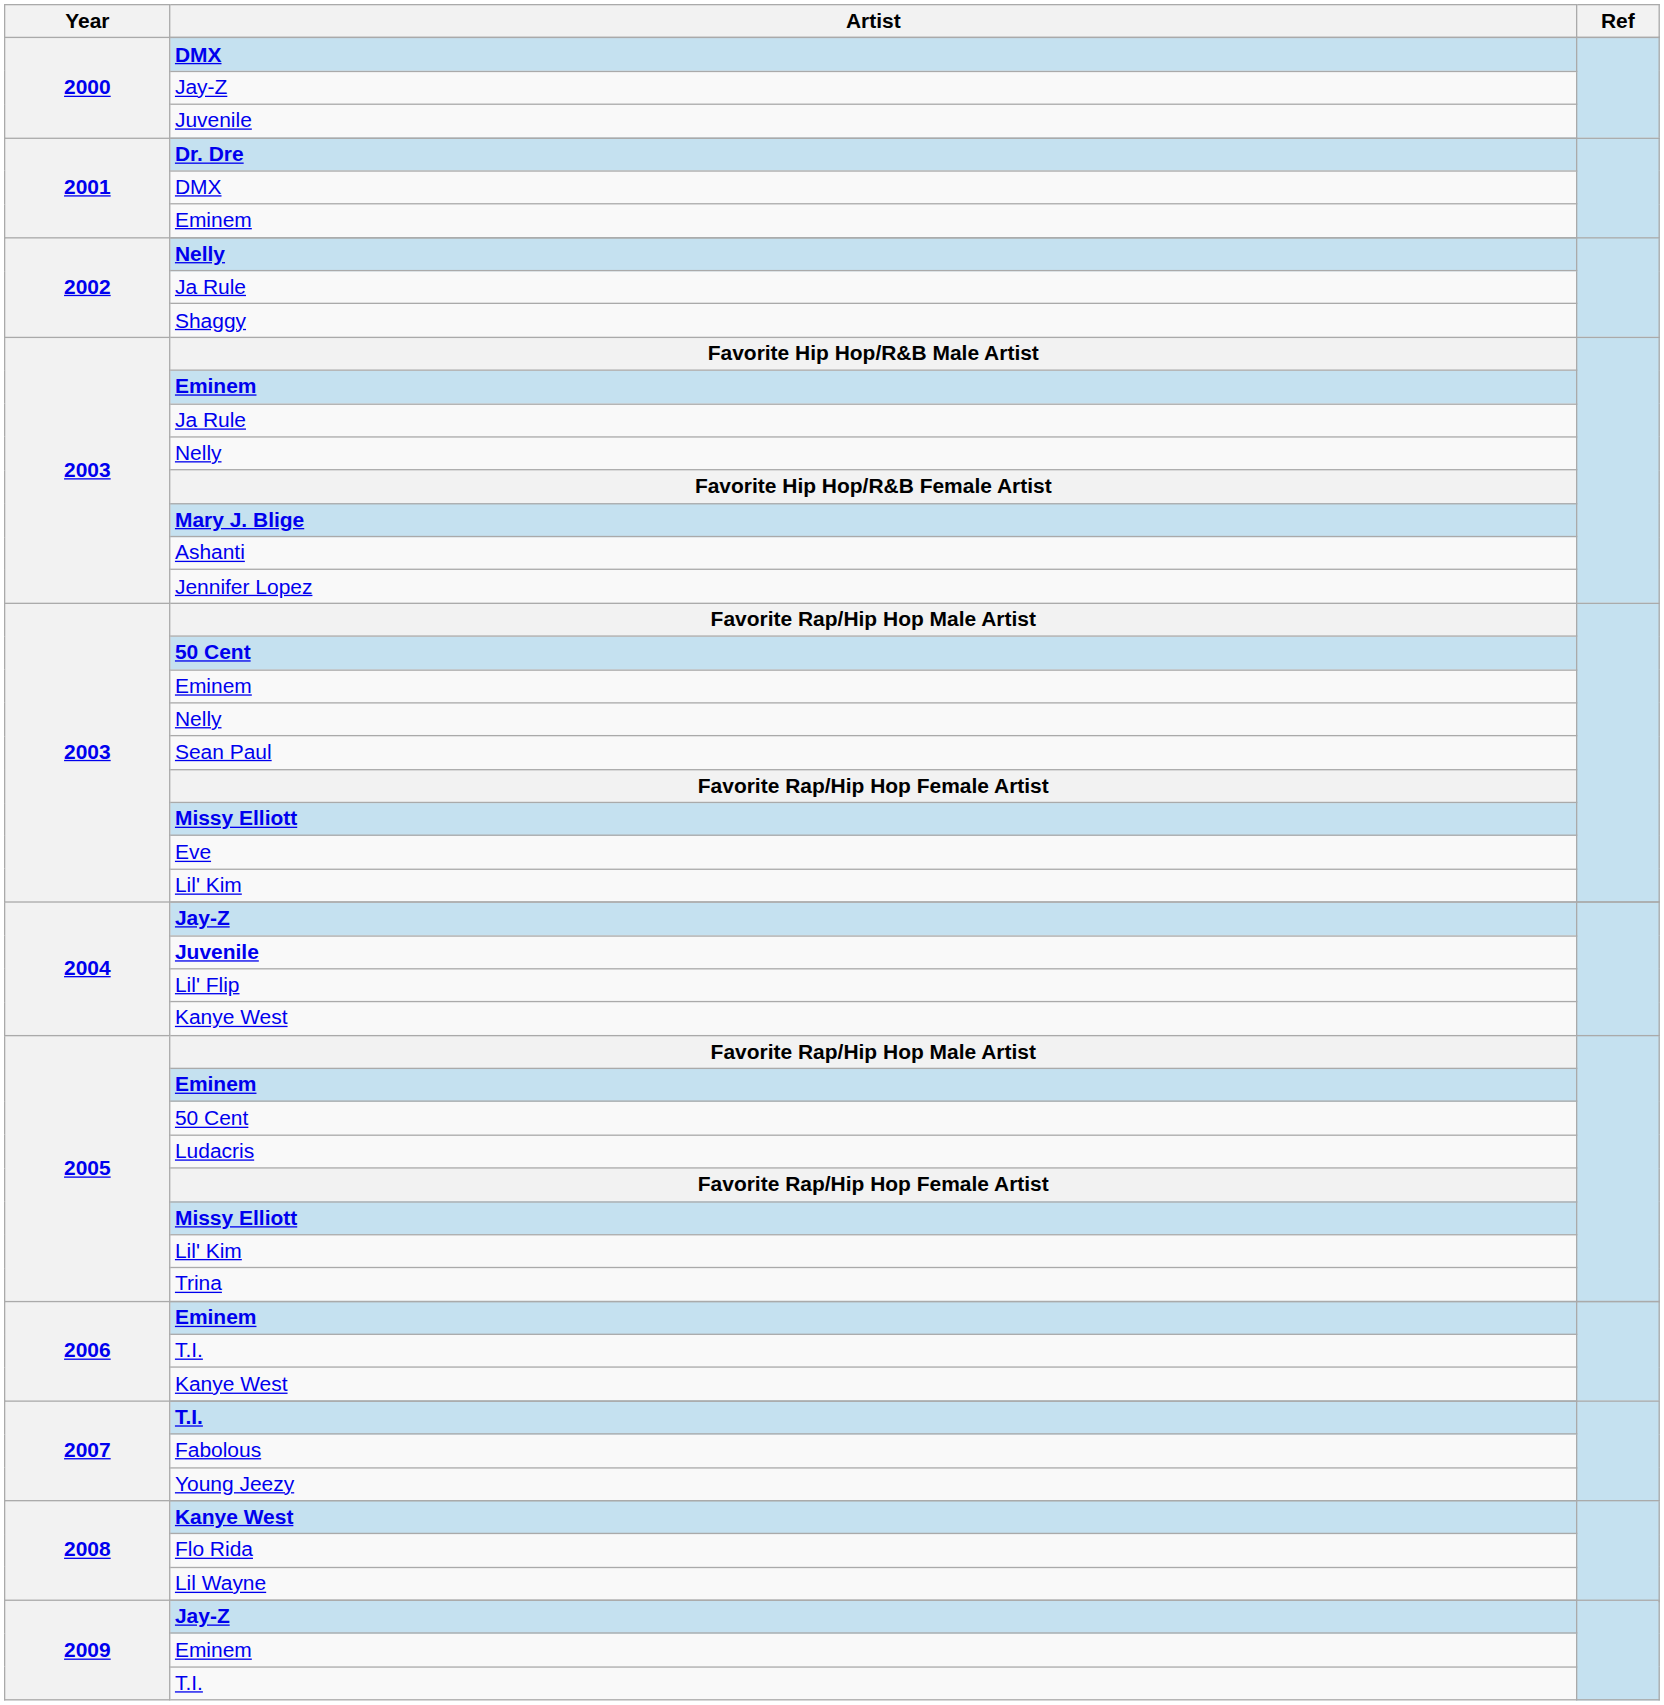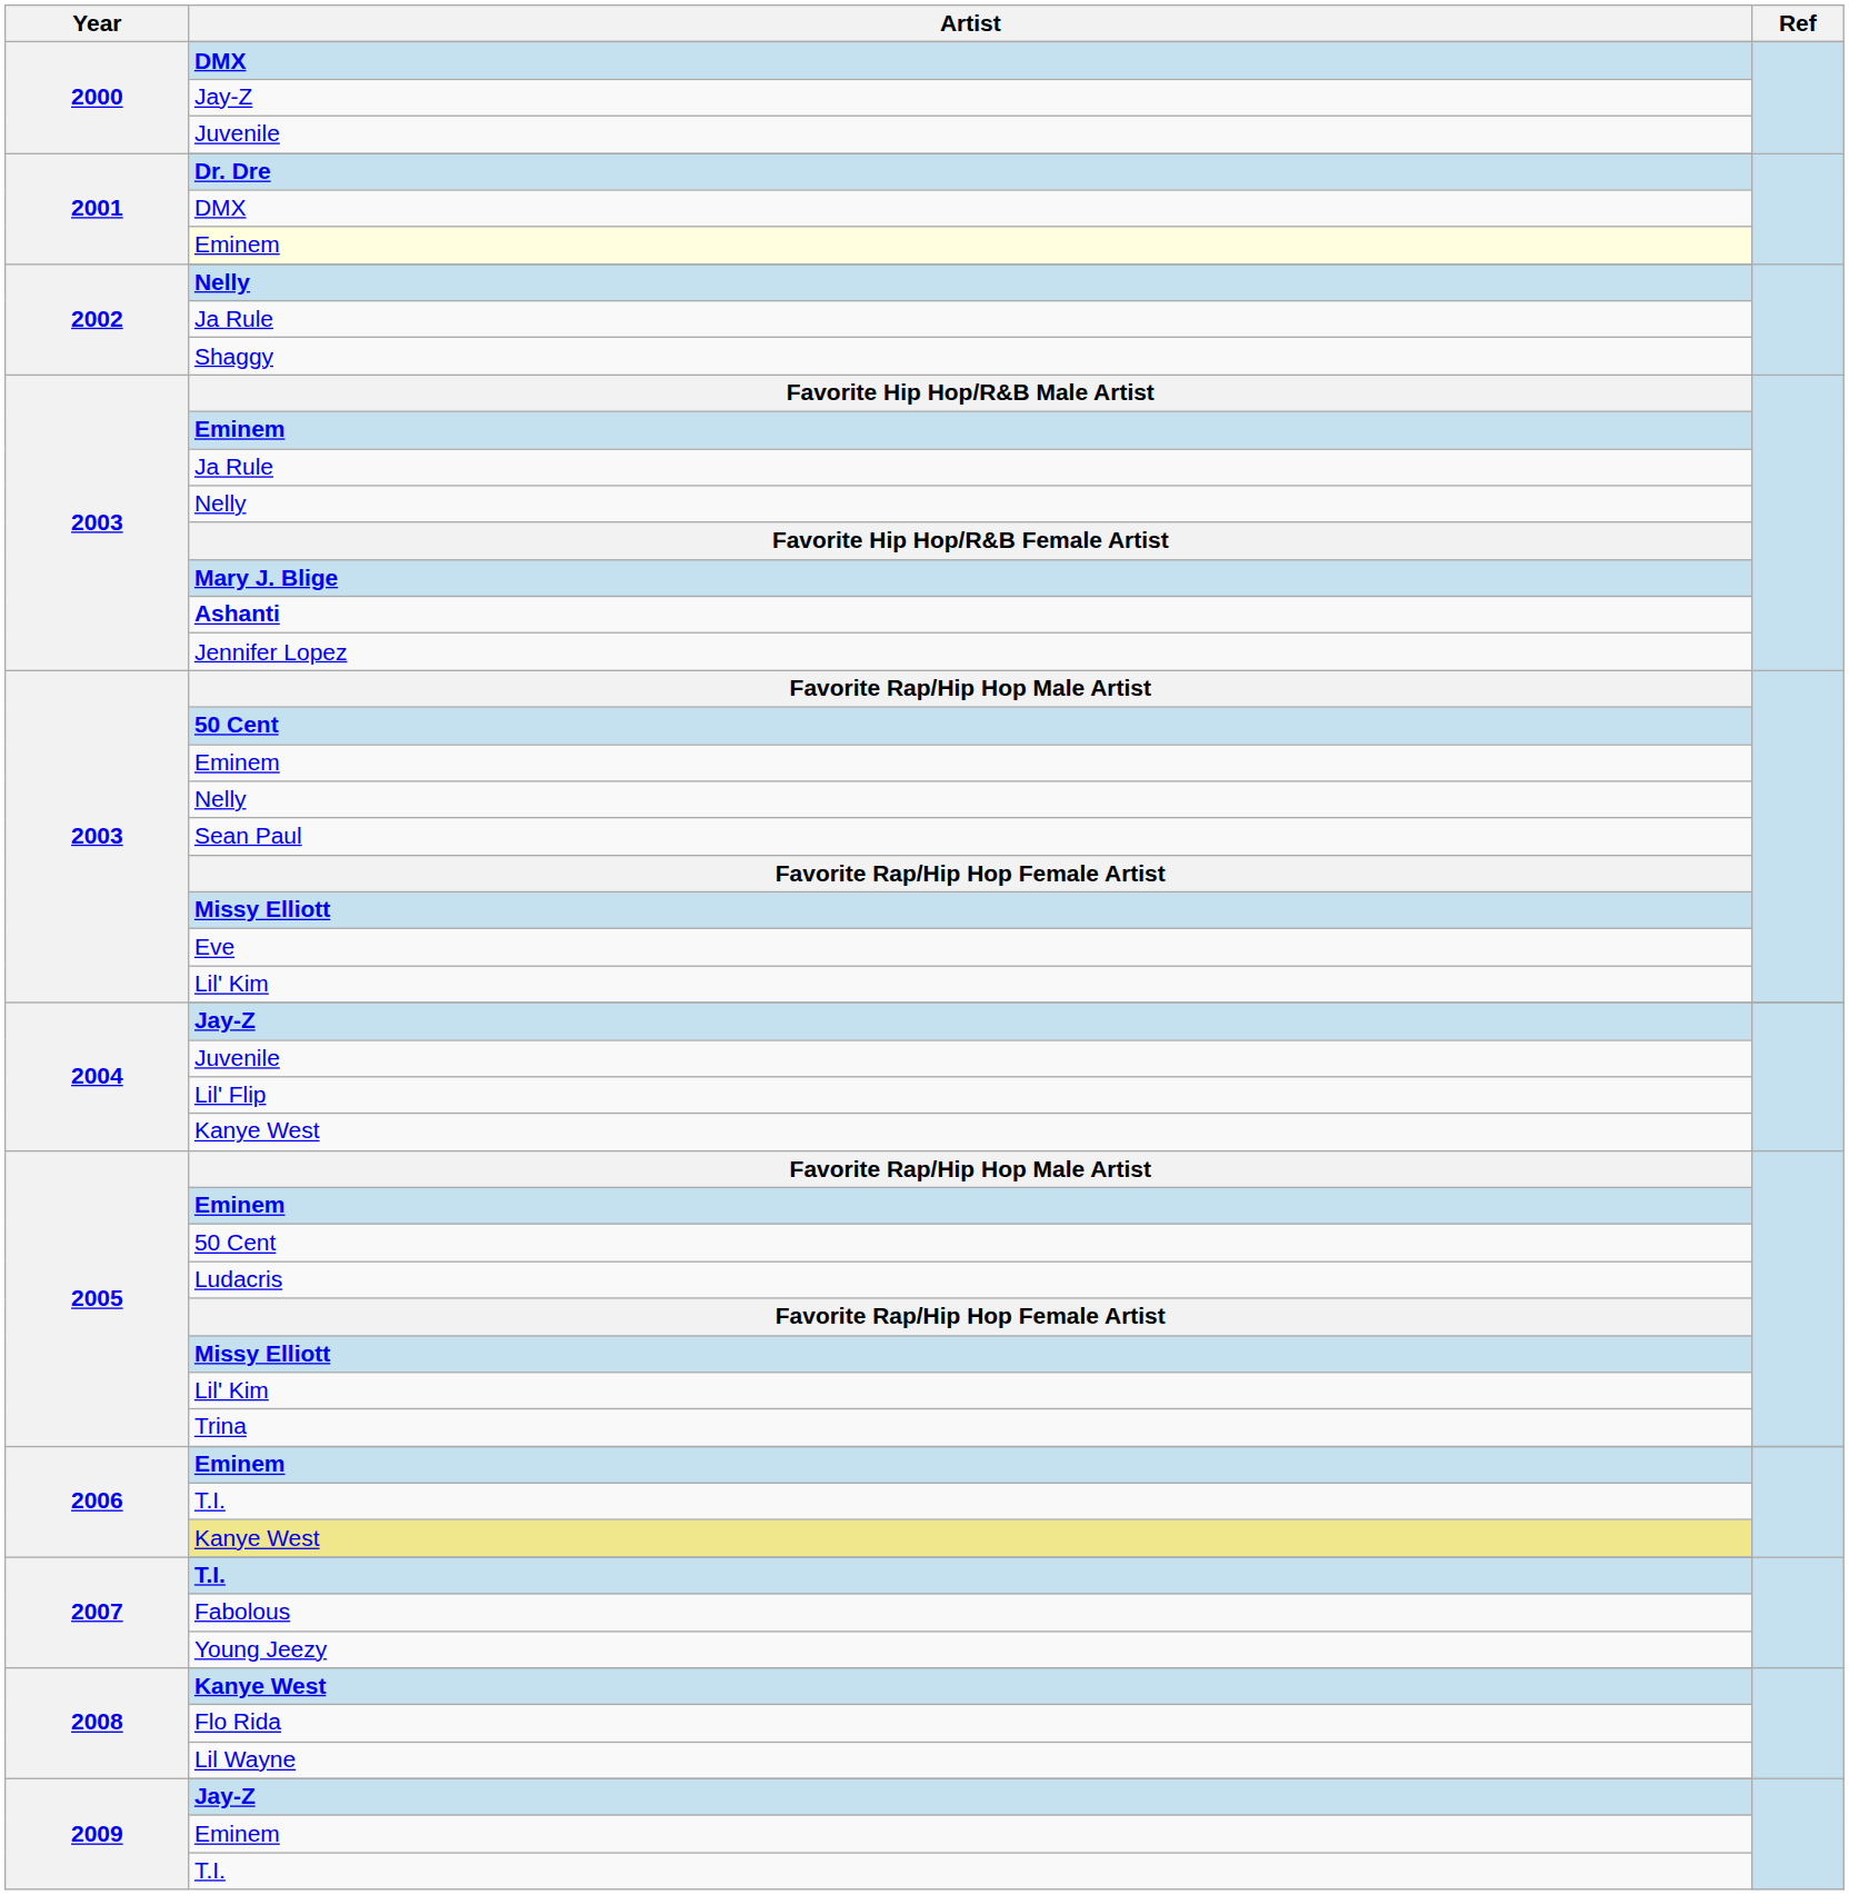 <table class="wikitable" width="100%">
 <tr>
 <th width="10%">Year</th>
 <th width="85%">Artist</th>
 <th width="5%">Ref</th>
 </tr>
 <tr>
 <th rowspan="4" align="center"><a href='#'>2000<br></a></th>
 </tr>
 <tr style="background:#c5e1f0">
 <td><strong><a href='#'>DMX</a></strong></td>
 <td rowspan="4" align="center"></td>
 </tr>
 <tr>
 <td><a href='#'>Jay-Z</a></td>
 </tr>
 <tr>
 <td><a href='#'>Juvenile</a></td>
 </tr>
 <tr>
 <th rowspan="4" align="center"><a href='#'>2001<br></a></th>
 </tr>
 <tr style="background:#c5e1f0">
 <td><strong><a href='#'>Dr. Dre</a></strong></td>
 <td rowspan="4" align="center"></td>
 </tr>
 <tr>
 <td><a href='#'>DMX</a></td>
 </tr>
 <tr>
-<td><a href='#'>Eminem</a></td>
+<td style="background: lightyellow;"><a href='#'>Eminem</a></td>
 </tr>
 <tr>
 <th rowspan="4" align="center"><a href='#'>2002<br></a></th>
 </tr>
 <tr style="background:#c5e1f0">
 <td><strong><a href='#'>Nelly</a></strong></td>
 <td rowspan="3" align="center"></td>
 </tr>
 <tr>
 <td><a href='#'>Ja Rule</a></td>
 </tr>
 <tr>
 <td><a href='#'>Shaggy</a></td>
 </tr>
 <tr>
 <th rowspan="8" align="center"><a href='#'>2003<br></a></th>
 <th>Favorite Hip Hop/R&B Male Artist</th>
 <td rowspan="8" style="background:#c5e1f0" align="center"></td>
 </tr>
 <tr style="background:#c5e1f0">
 <td><strong><a href='#'>Eminem</a></strong></td>
 </tr>
 <tr>
 <td><a href='#'>Ja Rule</a></td>
 </tr>
 <tr>
 <td><a href='#'>Nelly</a></td>
 </tr>
 <tr>
 <th>Favorite Hip Hop/R&B Female Artist</th>
 </tr>
 <tr style="background:#c5e1f0">
 <td><strong><a href='#'>Mary J. Blige</a></strong></td>
 </tr>
 <tr>
-<td><a href='#'>Ashanti</a></td>
+<td><strong><a href='#'>Ashanti</a></strong></td>
 </tr>
 <tr>
 <td><a href='#'>Jennifer Lopez</a></td>
 </tr>
 <tr>
 <th rowspan="9" align="center"><a href='#'>2003<br></a></th>
 <th>Favorite Rap/Hip Hop Male Artist</th>
 <td rowspan="9" style="background:#c5e1f0" align="center"></td>
 </tr>
 <tr style="background:#c5e1f0">
 <td><strong><a href='#'>50 Cent</a></strong></td>
 </tr>
 <tr>
 <td><a href='#'>Eminem</a></td>
 </tr>
 <tr>
 <td><a href='#'>Nelly</a></td>
 </tr>
 <tr>
 <td><a href='#'>Sean Paul</a></td>
 </tr>
 <tr>
 <th>Favorite Rap/Hip Hop Female Artist</th>
 </tr>
 <tr style="background:#c5e1f0">
 <td><strong><a href='#'>Missy Elliott</a></strong></td>
 </tr>
 <tr>
 <td><a href='#'>Eve</a></td>
 </tr>
 <tr>
 <td><a href='#'>Lil' Kim</a></td>
 </tr>
 <tr>
 <th rowspan="5" align="center"><a href='#'>2004<br></a></th>
 </tr>
 <tr style="background:#c5e1f0">
 <td><strong><a href='#'>Jay-Z</a></strong></td>
 <td rowspan="4" align="center"></td>
 </tr>
 <tr>
-<td><strong><a href='#'>Juvenile</a></strong></td>
+<td><a href='#'>Juvenile</a></td>
 </tr>
 <tr>
 <td><a href='#'>Lil' Flip</a></td>
 </tr>
 <tr>
 <td><a href='#'>Kanye West</a></td>
 </tr>
 <tr>
 <th rowspan="8" align="center"><a href='#'>2005<br></a></th>
 <th>Favorite Rap/Hip Hop Male Artist</th>
 <td rowspan="8" style="background:#c5e1f0" align="center"></td>
 </tr>
 <tr style="background:#c5e1f0">
 <td><strong><a href='#'>Eminem</a></strong></td>
 </tr>
 <tr>
 <td><a href='#'>50 Cent</a></td>
 </tr>
 <tr>
 <td><a href='#'>Ludacris</a></td>
 </tr>
 <tr>
 <th>Favorite Rap/Hip Hop Female Artist</th>
 </tr>
 <tr style="background:#c5e1f0">
 <td><strong><a href='#'>Missy Elliott</a></strong></td>
 </tr>
 <tr>
 <td><a href='#'>Lil' Kim</a></td>
 </tr>
 <tr>
 <td><a href='#'>Trina</a></td>
 </tr>
 <tr>
 <th rowspan="4" align="center"><a href='#'>2006<br></a></th>
 </tr>
 <tr style="background:#c5e1f0">
 <td><strong><a href='#'>Eminem</a></strong></td>
 <td rowspan="4" align="center"></td>
 </tr>
 <tr>
 <td><a href='#'>T.I.</a></td>
 </tr>
 <tr>
-<td><a href='#'>Kanye West</a></td>
+<td style="background: khaki;"><a href='#'>Kanye West</a></td>
 </tr>
 <tr>
 <th rowspan="4" align="center"><a href='#'>2007<br></a></th>
 </tr>
 <tr style="background:#c5e1f0">
 <td><strong><a href='#'>T.I.</a></strong></td>
 <td rowspan="4" align="center"></td>
 </tr>
 <tr>
 <td><a href='#'>Fabolous</a></td>
 </tr>
 <tr>
 <td><a href='#'>Young Jeezy</a></td>
 </tr>
 <tr>
 <th rowspan="4" align="center"><a href='#'>2008<br></a></th>
 </tr>
 <tr style="background:#c5e1f0">
 <td><strong><a href='#'>Kanye West</a></strong></td>
 <td rowspan="4" align="center"></td>
 </tr>
 <tr>
 <td><a href='#'>Flo Rida</a></td>
 </tr>
 <tr>
 <td><a href='#'>Lil Wayne</a></td>
 </tr>
 <tr>
 <th rowspan="4" align="center"><a href='#'>2009<br></a></th>
 </tr>
 <tr style="background:#c5e1f0">
 <td><strong><a href='#'>Jay-Z</a></strong></td>
 <td rowspan="4" align="center"></td>
 </tr>
 <tr>
 <td><a href='#'>Eminem</a></td>
 </tr>
 <tr>
 <td><a href='#'>T.I.</a></td>
 </tr>
 </table>
